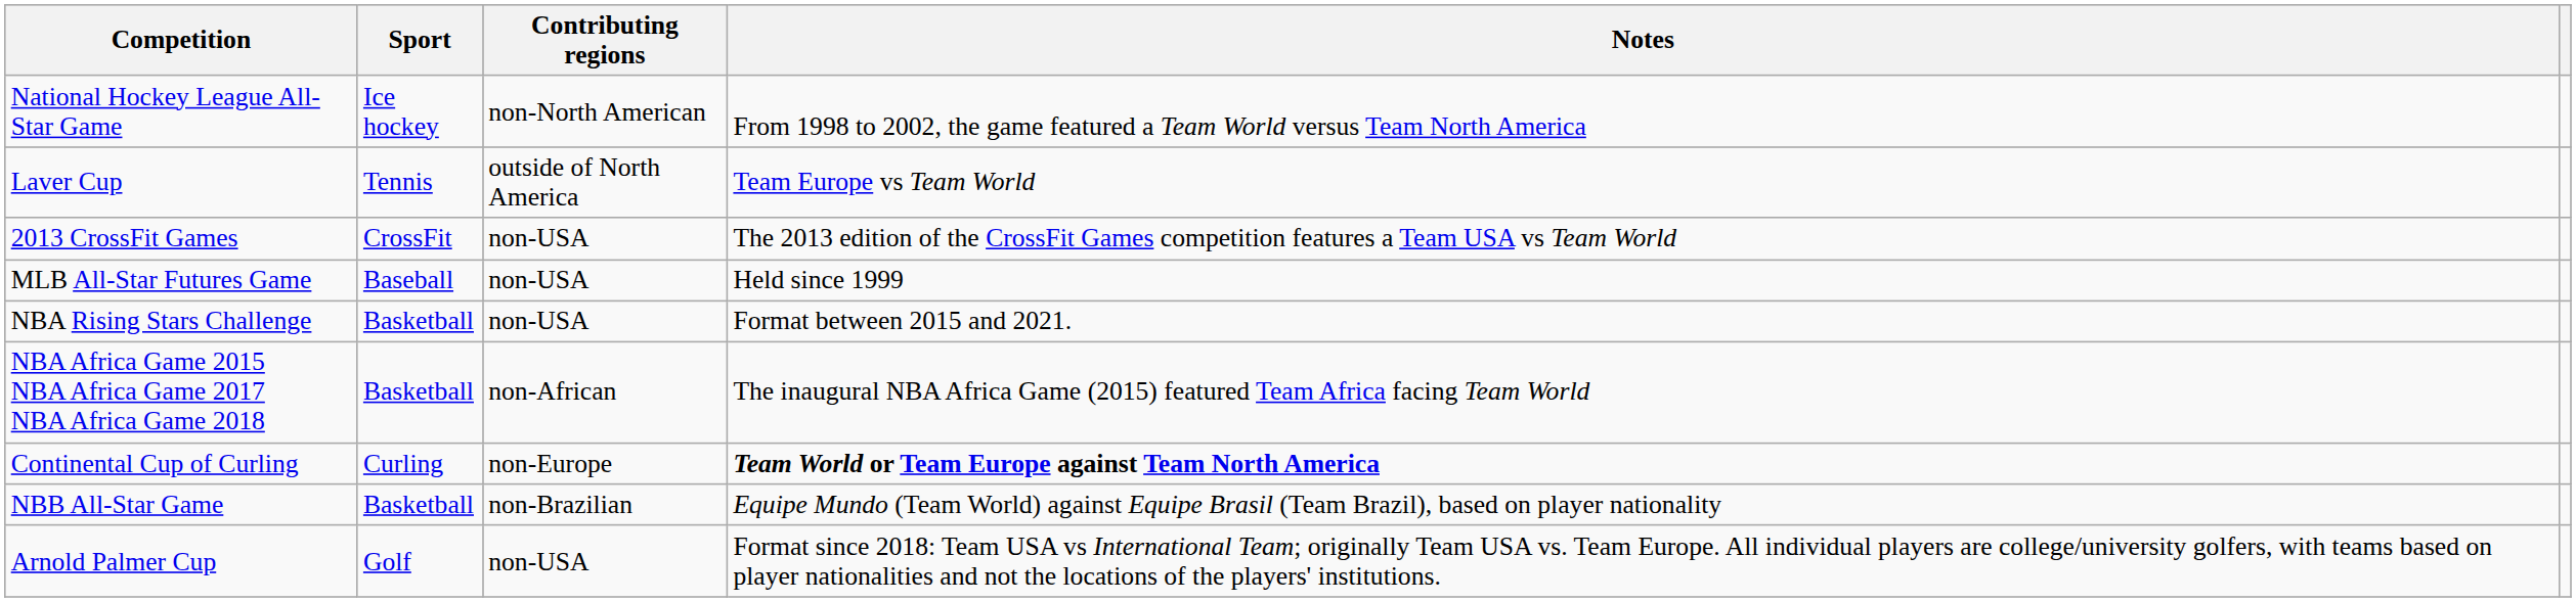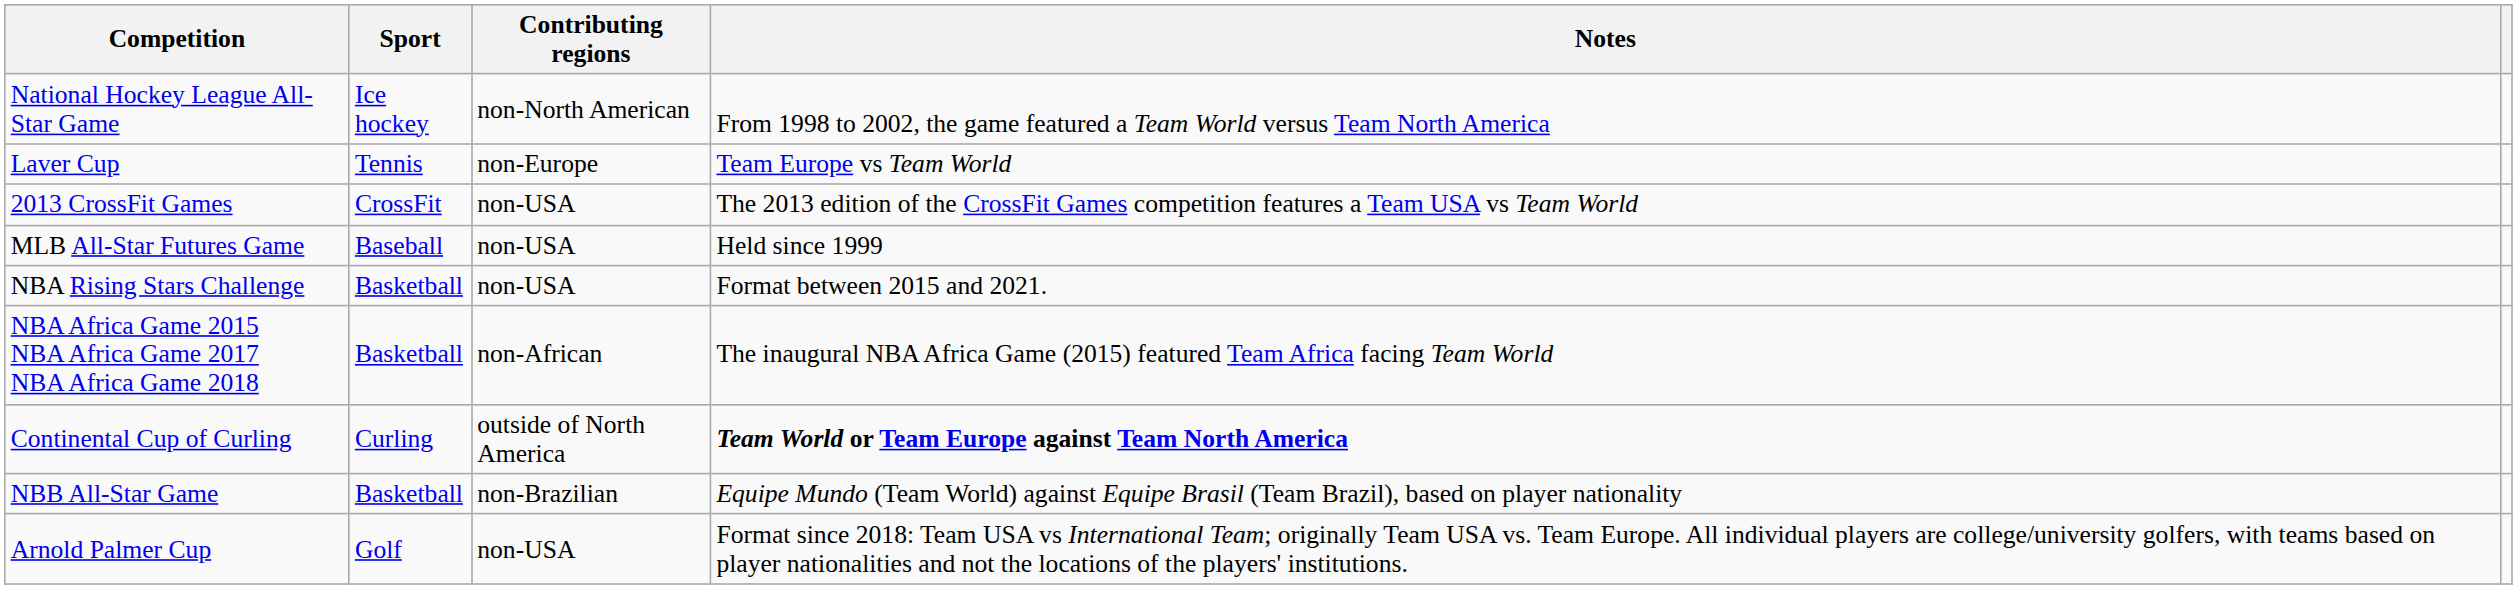 <table class=wikitable>
 <tr>
 <th>Competition</th>
 <th>Sport</th>
 <th>Contributing regions</th>
 <th>Notes</th>
 <th></th>
 </tr>
 <tr>
 <td><a href='#'>National Hockey League All-Star Game</a></td>
 <td><a href='#'>Ice hockey</a></td>
 <td>non-North American</td>
 <td><br> From 1998 to 2002, the game featured a <em>Team World</em> versus <a href='#'>Team North America</a></td>
 <td></td>
 </tr>
 <tr>
 <td><a href='#'>Laver Cup</a></td>
 <td><a href='#'>Tennis</a></td>
-<td>outside of North America</td>
+<td>non-Europe</td>
 <td><a href='#'>Team Europe</a> vs <em>Team World</em></td>
 <td></td>
 </tr>
 <tr>
 <td><a href='#'>2013 CrossFit Games</a></td>
 <td><a href='#'>CrossFit</a></td>
 <td>non-USA</td>
 <td>The 2013 edition of the <a href='#'>CrossFit Games</a> competition features a <a href='#'>Team USA</a> vs <em>Team World</em></td>
 <td></td>
 </tr>
 <tr>
 <td>MLB <a href='#'>All-Star Futures Game</a></td>
 <td><a href='#'>Baseball</a></td>
 <td>non-USA</td>
 <td>Held since 1999</td>
 <td></td>
 </tr>
 <tr>
 <td>NBA <a href='#'>Rising Stars Challenge</a></td>
 <td><a href='#'>Basketball</a></td>
 <td>non-USA</td>
 <td>Format between 2015 and 2021.</td>
 <td></td>
 </tr>
 <tr>
 <td><a href='#'>NBA Africa Game 2015</a> <br> <a href='#'>NBA Africa Game 2017</a> <br> <a href='#'>NBA Africa Game 2018</a></td>
 <td><a href='#'>Basketball</a></td>
 <td>non-African</td>
 <td>The inaugural NBA Africa Game (2015) featured <a href='#'>Team Africa</a> facing <em>Team World</em></td>
 <td></td>
 </tr>
 <tr>
 <td><a href='#'>Continental Cup of Curling</a></td>
 <td><a href='#'>Curling</a></td>
-<td>non-Europe</td>
+<td>outside of North America</td>
 <td><strong><em>Team World</em> or <a href='#'>Team Europe</a> against <a href='#'>Team North America</a></strong></td>
 <td></td>
 </tr>
 <tr>
 <td><a href='#'>NBB All-Star Game</a></td>
 <td><a href='#'>Basketball</a></td>
 <td>non-Brazilian</td>
 <td><em>Equipe Mundo</em> (Team World) against <em>Equipe Brasil</em> (Team Brazil), based on player nationality</td>
 <td></td>
 </tr>
 <tr>
 <td><a href='#'>Arnold Palmer Cup</a></td>
 <td><a href='#'>Golf</a></td>
 <td>non-USA</td>
 <td>Format since 2018: Team USA vs <em>International Team</em>; originally Team USA vs. Team Europe. All individual players are college/university golfers, with teams based on player nationalities and not the locations of the players' institutions.</td>
 <td></td>
 </tr>
 </table>
